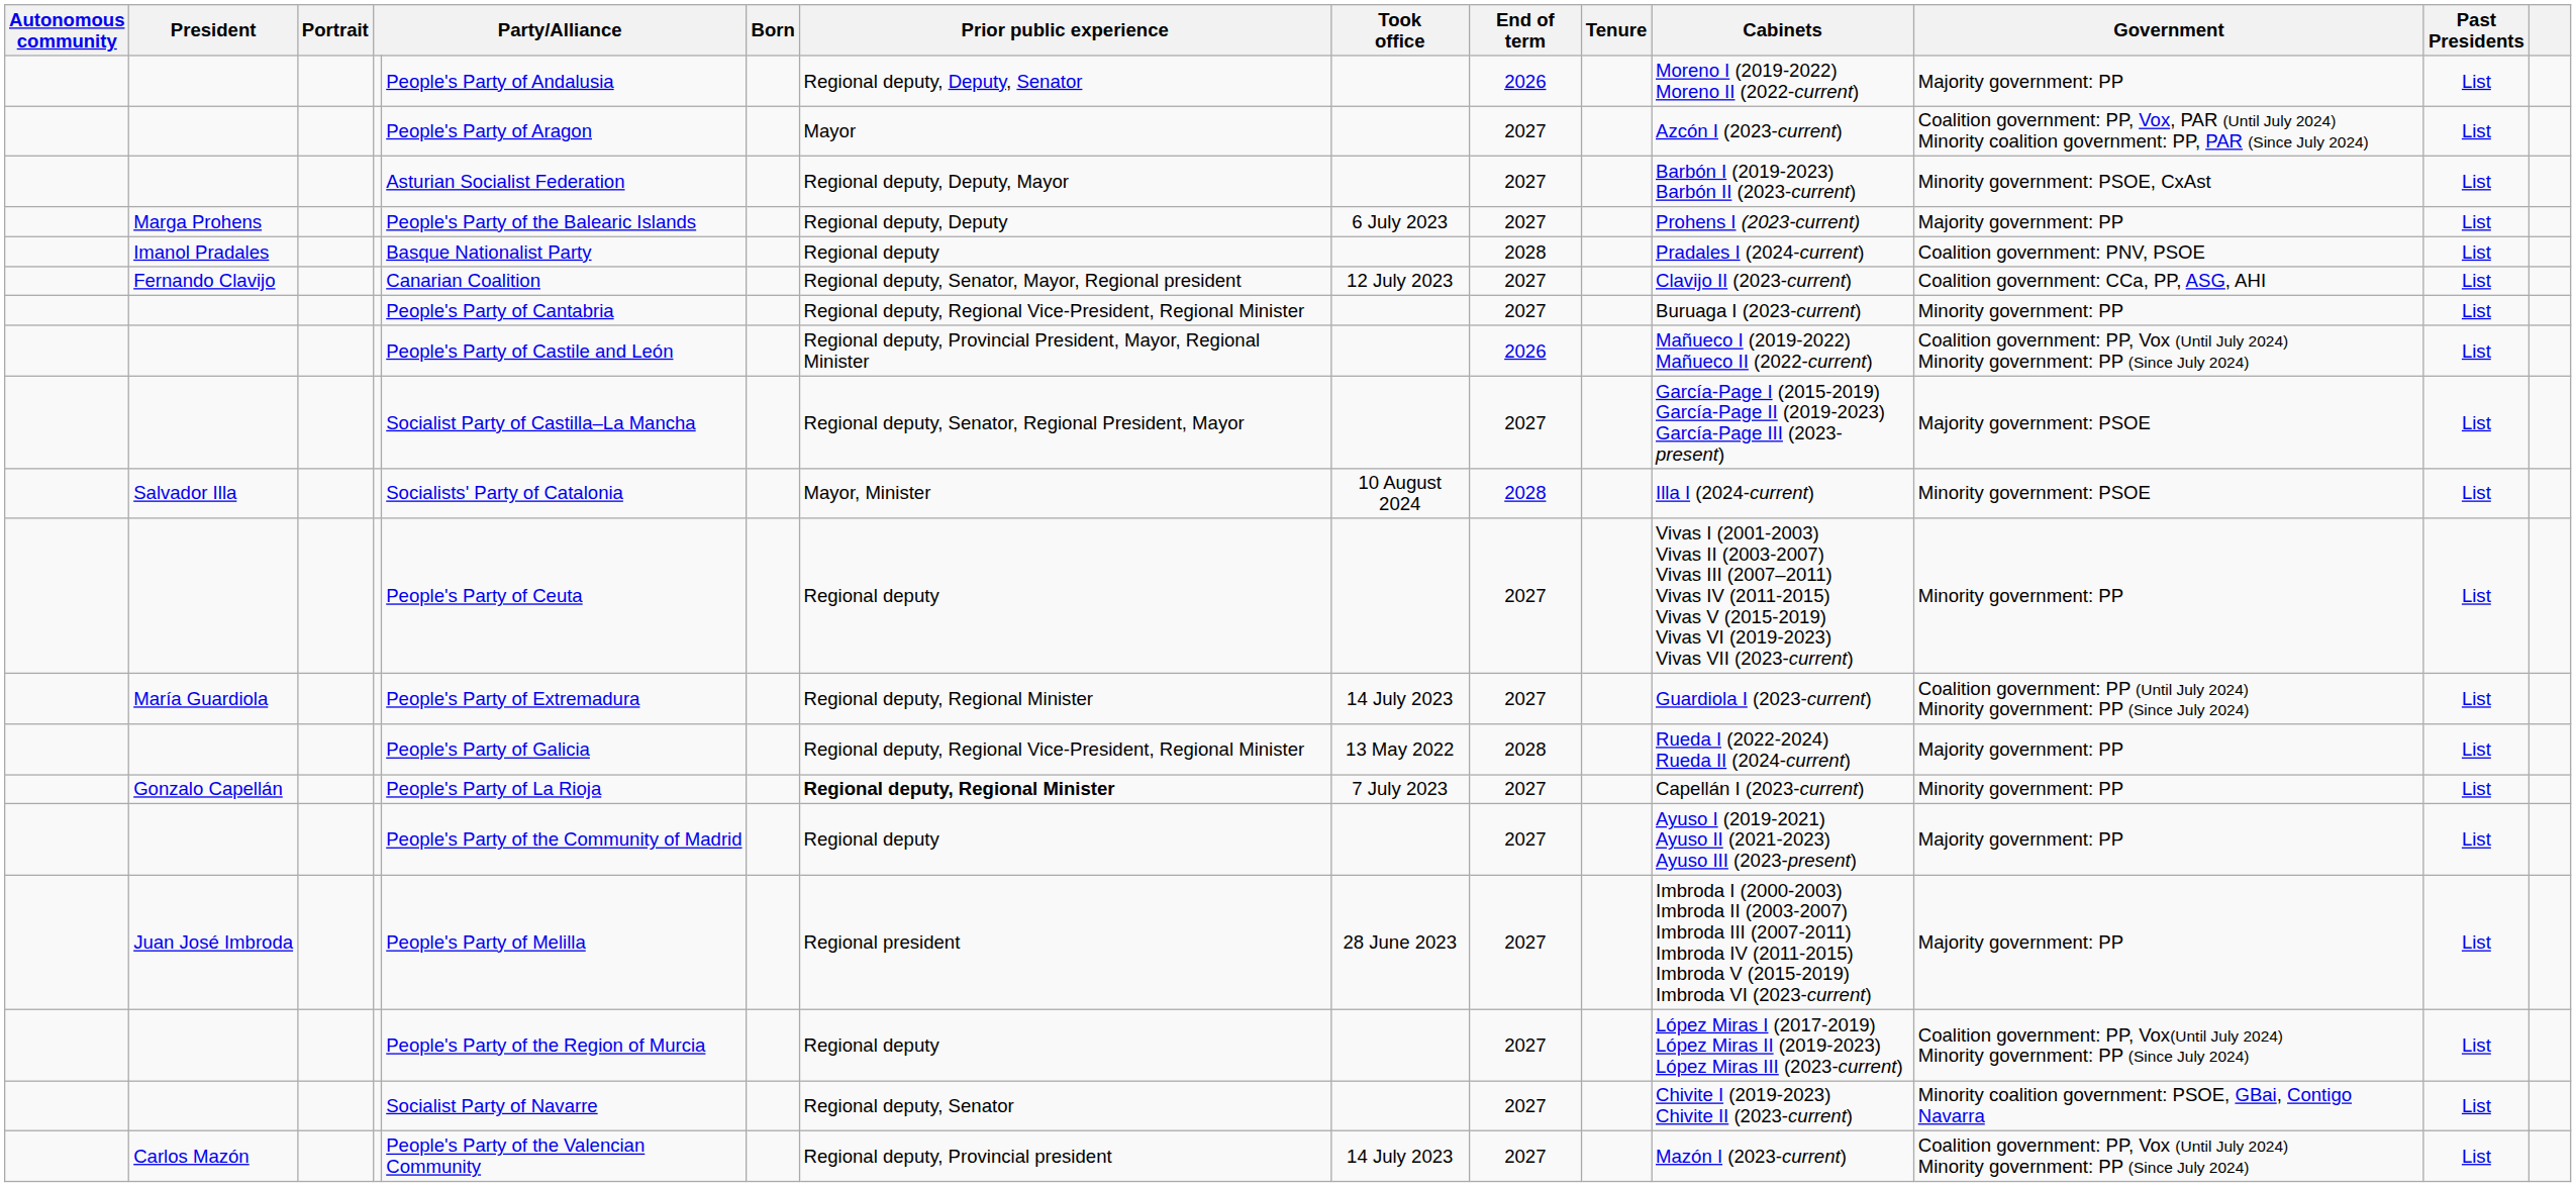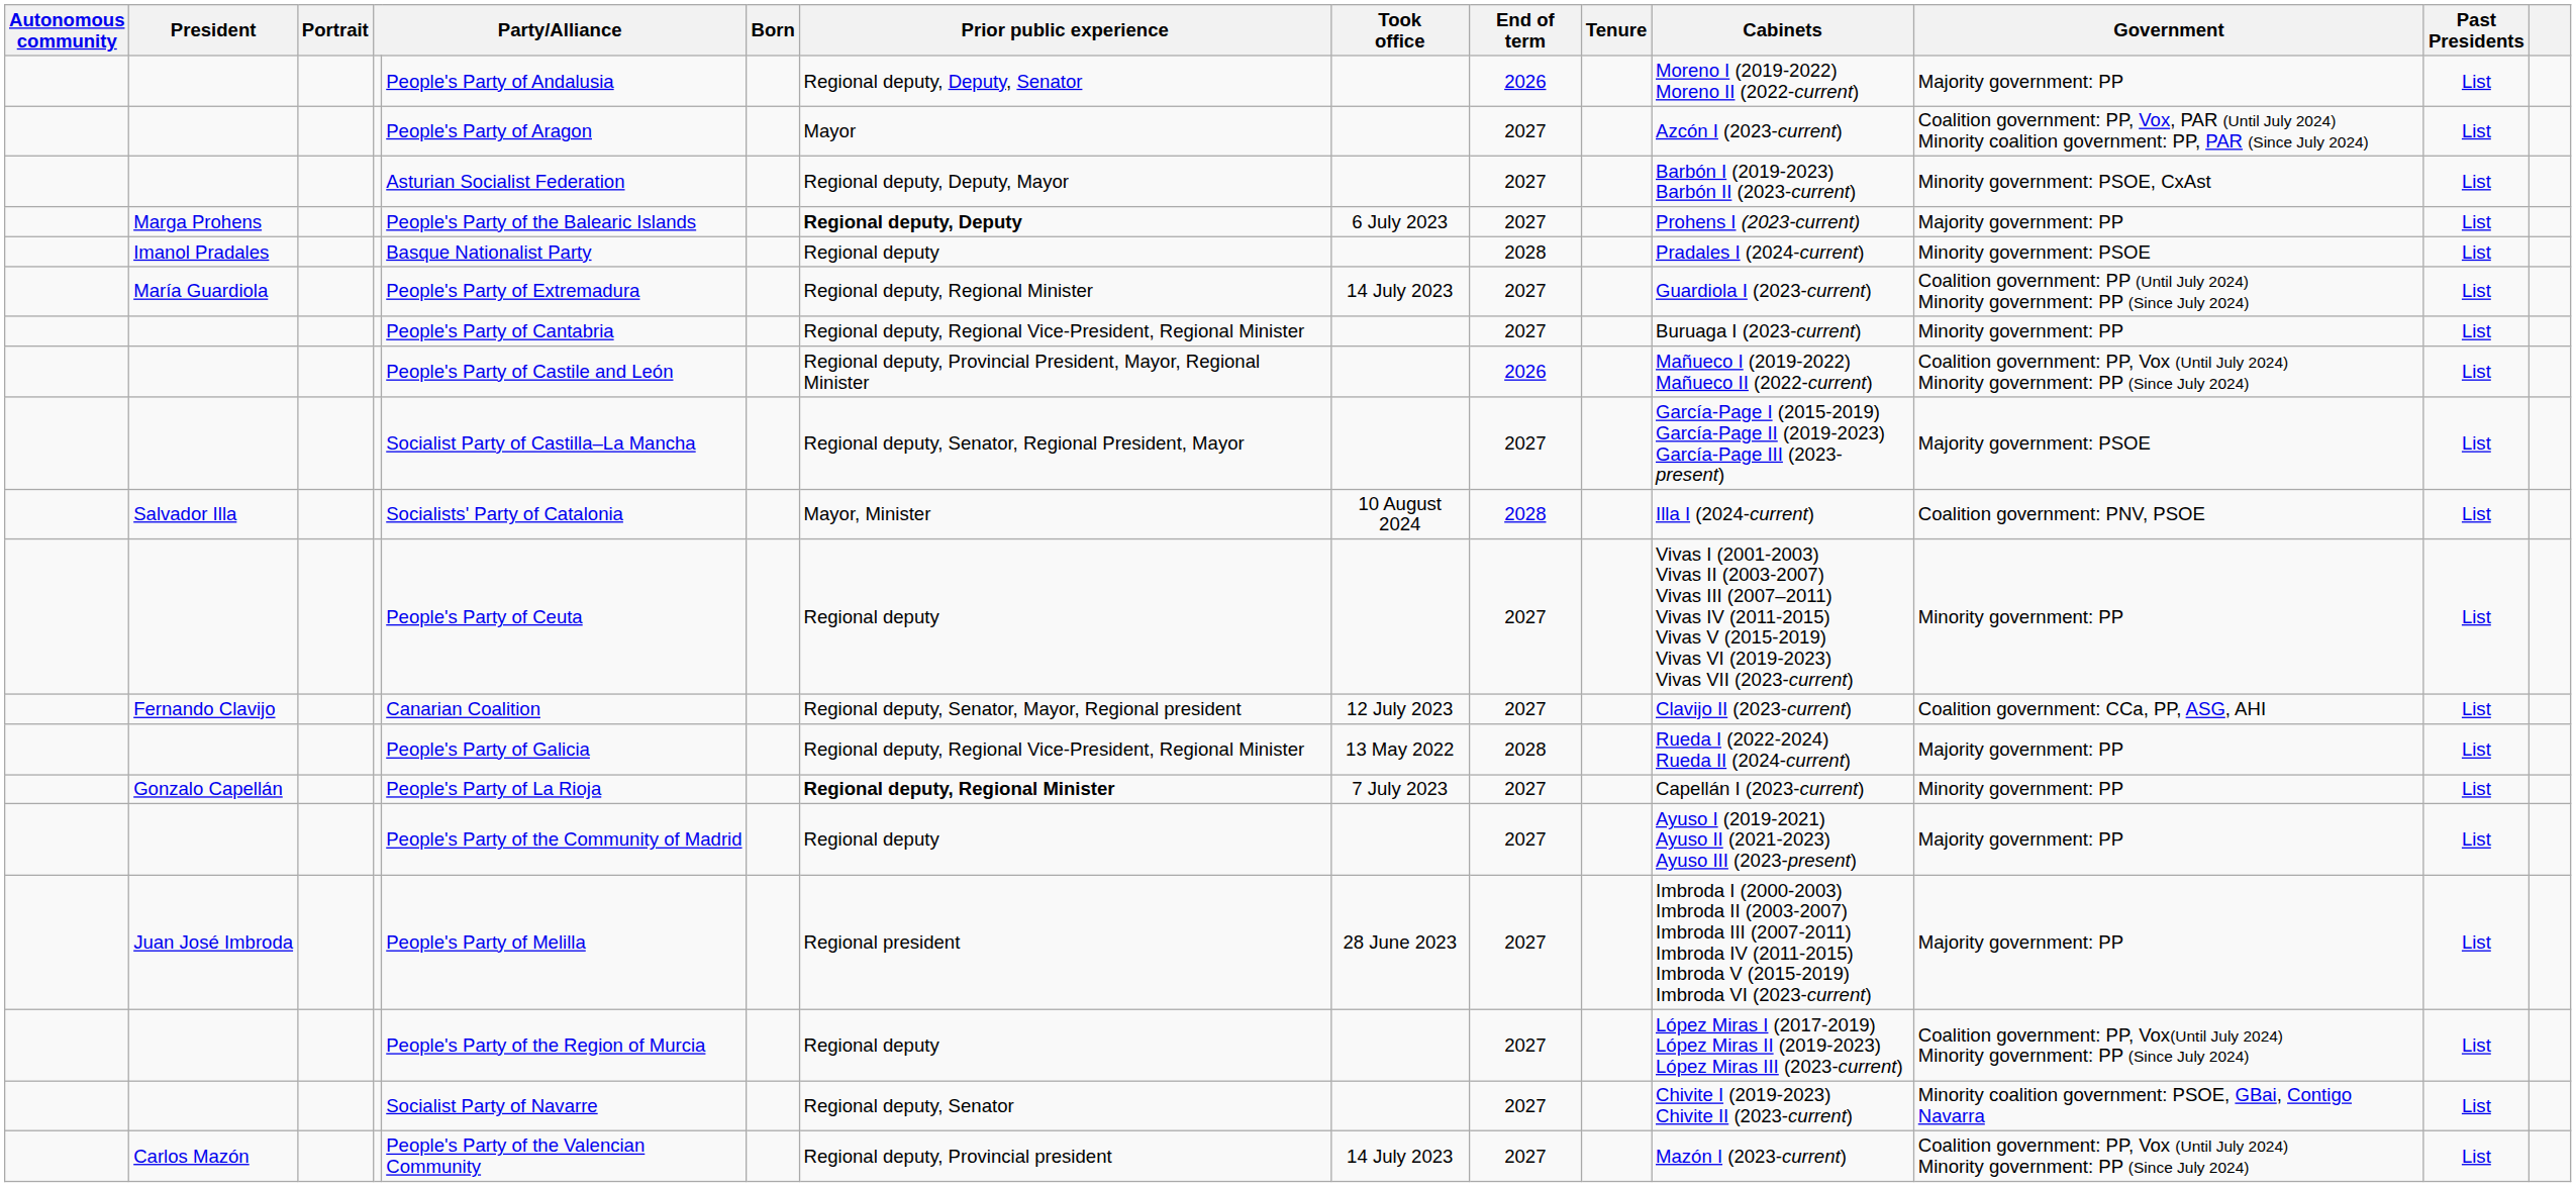 <table class="wikitable plainrowheaders sortable" style="font-size:90%; text-align:left;">
 <tr>
 <th scope="col"><a href='#'>Autonomous<br>community</a></th>
 <th scope="col">President</th>
 <th scope="col" class="unsortable">Portrait</th>
 <th colspan="2" scope="col">Party/Alliance</th>
 <th>Born</th>
 <th>Prior public experience</th>
 <th scope="col">Took<br>office</th>
 <th scope="col">End of term</th>
 <th>Tenure</th>
 <th>Cabinets</th>
 <th>Government</th>
 <th scope="col" class="unsortable">Past<br>Presidents</th>
 <th scope="col" width="25px" class="unsortable"></th>
 </tr>
 <tr>
 <td></td>
 <td style="white-space: nowrap;"></td>
 <td align="center"></td>
 <td style="background:"></td>
 <td><a href='#'>People's Party of Andalusia</a></td>
 <td></td>
 <td>Regional deputy, <a href='#'>Deputy</a>, <a href='#'>Senator</a></td>
 <td align="center"></td>
 <td align="center"><a href='#'>2026</a></td>
 <td></td>
 <td><a href='#'>Moreno I</a> (2019-2022)<br><a href='#'>Moreno II</a> (2022-<em>current</em>)</td>
 <td>Majority government: PP</td>
 <td align="center"><a href='#'>List</a></td>
 <td align="center"></td>
 </tr>
 <tr>
 <td></td>
 <td style="white-space: nowrap;"></td>
 <td align="center"></td>
 <td style="background:"></td>
 <td><a href='#'>People's Party of Aragon</a></td>
 <td></td>
 <td>Mayor</td>
 <td align="center"></td>
 <td align="center">2027</td>
 <td></td>
 <td><a href='#'>Azcón I</a> (2023-<em>current</em>)</td>
 <td>Coalition government: PP, <a href='#'>Vox</a>, PAR <small>(Until July 2024)</small><br>Minority coalition government: PP, <a href='#'>PAR</a> <small>(Since July 2024)</small></td>
 <td align="center"><a href='#'>List</a></td>
 <td align="center"></td>
 </tr>
 <tr>
 <td></td>
 <td style="white-space: nowrap;"></td>
 <td align="center"></td>
 <td style="background:"></td>
 <td><a href='#'>Asturian Socialist Federation</a></td>
 <td></td>
 <td>Regional deputy, Deputy, Mayor</td>
 <td align="center"></td>
 <td align="center">2027</td>
 <td></td>
 <td><a href='#'>Barbón I</a> (2019-2023)<br><a href='#'>Barbón II</a> (2023-<em>current</em>)</td>
 <td>Minority government: PSOE, CxAst</td>
 <td align="center"><a href='#'>List</a></td>
 <td align="center"></td>
 </tr>
 <tr>
 <td></td>
 <td style="white-space: nowrap;"><a href='#'>Marga Prohens</a></td>
 <td align="center"></td>
 <td style="background:"></td>
 <td><a href='#'>People's Party of the Balearic Islands</a></td>
 <td></td>
-<td>Regional deputy, Deputy</td>
+<td><strong>Regional deputy, Deputy</strong></td>
 <td align="center">6 July 2023</td>
 <td align="center">2027</td>
 <td></td>
 <td><a href='#'>Prohens I</a> <em>(2023-current)</em></td>
 <td>Majority government: PP</td>
 <td align="center"><a href='#'>List</a></td>
 <td align="center"></td>
 </tr>
 <tr>
 <td></td>
 <td style="white-space: nowrap;"><a href='#'>Imanol Pradales</a></td>
 <td align="center"></td>
 <td style="background:"></td>
 <td><a href='#'>Basque Nationalist Party</a></td>
 <td></td>
 <td>Regional deputy</td>
 <td align="center"></td>
 <td align="center">2028</td>
 <td></td>
 <td><a href='#'>Pradales I</a> (2024-<em>current</em>)</td>
-<td>Coalition government: PNV, PSOE</td>
+<td>Minority government: PSOE</td>
 <td align="center"><a href='#'>List</a></td>
 <td align="center"></td>
 </tr>
 <tr>
 <td></td>
-<td style="white-space: nowrap;"><a href='#'>Fernando Clavijo</a></td>
+<td style="white-space: nowrap;"><a href='#'>María Guardiola</a></td>
 <td align="center"></td>
 <td style="background:"></td>
-<td><a href='#'>Canarian Coalition</a></td>
+<td><a href='#'>People's Party of Extremadura</a></td>
 <td></td>
-<td>Regional deputy, Senator, Mayor, Regional president</td>
-<td align="center">12 July 2023</td>
+<td>Regional deputy, Regional Minister</td>
+<td align="center">14 July 2023</td>
 <td align="center">2027</td>
 <td></td>
-<td><a href='#'>Clavijo II</a> (2023-<em>current</em>)</td>
-<td>Coalition government: CCa, PP, <a href='#'>ASG</a>, AHI</td>
+<td><a href='#'>Guardiola I</a> (2023-<em>current</em>)</td>
+<td>Coalition government: PP <small>(Until July 2024)</small><br>Minority government: PP <small>(Since July 2024)</small></td>
 <td align="center"><a href='#'>List</a></td>
 <td align="center"></td>
 </tr>
 <tr>
 <td></td>
 <td style="white-space: nowrap;"></td>
 <td align="center"></td>
 <td style="background:"></td>
 <td><a href='#'>People's Party of Cantabria</a></td>
 <td></td>
 <td>Regional deputy, Regional Vice-President, Regional Minister</td>
 <td align="center"></td>
 <td align="center">2027</td>
 <td></td>
 <td>Buruaga I (2023-<em>current</em>)</td>
 <td>Minority government: PP</td>
 <td align="center"><a href='#'>List</a></td>
 <td align="center"></td>
 </tr>
 <tr>
 <td></td>
 <td style="white-space: nowrap;"></td>
 <td align="center"></td>
 <td style="background:"></td>
 <td><a href='#'>People's Party of Castile and León</a></td>
 <td></td>
 <td>Regional deputy, Provincial President, Mayor, Regional Minister</td>
 <td align="center"></td>
 <td align="center"><a href='#'>2026</a></td>
 <td></td>
 <td><a href='#'>Mañueco I</a> (2019-2022)<br><a href='#'>Mañueco II</a> (2022-<em>current</em>)</td>
 <td>Coalition government: PP, Vox <small>(Until July 2024)</small><br>Minority government: PP <small>(Since July 2024)</small></td>
 <td align="center"><a href='#'>List</a></td>
 <td align="center"></td>
 </tr>
 <tr>
 <td></td>
 <td style="white-space: nowrap;"></td>
 <td align="center"></td>
 <td style="background:"></td>
 <td><a href='#'>Socialist Party of Castilla–La Mancha</a></td>
 <td></td>
 <td>Regional deputy, Senator, Regional President, Mayor</td>
 <td align="center"></td>
 <td align="center">2027</td>
 <td></td>
 <td><a href='#'>García-Page I</a> (2015-2019)<br><a href='#'>García-Page II</a> (2019-2023)<br><a href='#'>García-Page III</a> (2023-<em>present</em>)</td>
 <td>Majority government: PSOE</td>
 <td align="center"><a href='#'>List</a></td>
 <td align="center"></td>
 </tr>
 <tr>
 <td></td>
 <td style="white-space: nowrap;"><a href='#'>Salvador Illa</a></td>
 <td align="center"></td>
 <td style="background:"></td>
 <td><a href='#'>Socialists' Party of Catalonia</a></td>
 <td></td>
 <td>Mayor, Minister</td>
 <td align="center">10 August 2024</td>
 <td align="center"><a href='#'>2028</a></td>
 <td></td>
 <td><a href='#'>Illa I</a> (2024-<em>current</em>)</td>
-<td>Minority government: PSOE</td>
+<td>Coalition government: PNV, PSOE</td>
 <td align="center"><a href='#'>List</a></td>
 <td align="center"></td>
 </tr>
 <tr>
 <td></td>
 <td style="white-space: nowrap;"></td>
 <td align="center"></td>
 <td style="background:"></td>
 <td><a href='#'>People's Party of Ceuta</a></td>
 <td></td>
 <td>Regional deputy</td>
 <td align="center"></td>
 <td align="center">2027</td>
 <td></td>
 <td>Vivas I (2001-2003)<br>Vivas II (2003-2007)<br>Vivas III (2007–2011)<br>Vivas IV (2011-2015)<br>Vivas V (2015-2019)<br>Vivas VI (2019-2023)<br>Vivas VII (2023-<em>current</em>)</td>
 <td>Minority government: PP</td>
 <td align="center"><a href='#'>List</a></td>
 <td align="center"></td>
 </tr>
 <tr>
 <td></td>
-<td style="white-space: nowrap;"><a href='#'>María Guardiola</a></td>
+<td style="white-space: nowrap;"><a href='#'>Fernando Clavijo</a></td>
 <td align="center"></td>
 <td style="background:"></td>
-<td><a href='#'>People's Party of Extremadura</a></td>
+<td><a href='#'>Canarian Coalition</a></td>
 <td></td>
-<td>Regional deputy, Regional Minister</td>
-<td align="center">14 July 2023</td>
+<td>Regional deputy, Senator, Mayor, Regional president</td>
+<td align="center">12 July 2023</td>
 <td align="center">2027</td>
 <td></td>
-<td><a href='#'>Guardiola I</a> (2023-<em>current</em>)</td>
-<td>Coalition government: PP <small>(Until July 2024)</small><br>Minority government: PP <small>(Since July 2024)</small></td>
+<td><a href='#'>Clavijo II</a> (2023-<em>current</em>)</td>
+<td>Coalition government: CCa, PP, <a href='#'>ASG</a>, AHI</td>
 <td align="center"><a href='#'>List</a></td>
 <td align="center"></td>
 </tr>
 <tr>
 <td></td>
 <td style="white-space: nowrap;"></td>
 <td align="center"></td>
 <td style="background:"></td>
 <td><a href='#'>People's Party of Galicia</a></td>
 <td></td>
 <td>Regional deputy, Regional Vice-President, Regional Minister</td>
 <td align="center">13 May 2022</td>
 <td align="center">2028</td>
 <td></td>
 <td><a href='#'>Rueda I</a> (2022-2024)<br><a href='#'>Rueda II</a> (2024-<em>current</em>)</td>
 <td>Majority government: PP</td>
 <td align="center"><a href='#'>List</a></td>
 <td align="center"></td>
 </tr>
 <tr>
 <td></td>
 <td style="white-space: nowrap;"><a href='#'>Gonzalo Capellán</a></td>
 <td align="center"></td>
 <td style="background:"></td>
 <td><a href='#'>People's Party of La Rioja</a></td>
 <td></td>
 <td><strong>Regional deputy, Regional Minister</strong></td>
 <td align="center">7 July 2023</td>
 <td align="center">2027</td>
 <td></td>
 <td>Capellán I (2023-<em>current</em>)</td>
 <td>Minority government: PP</td>
 <td align="center"><a href='#'>List</a></td>
 <td align="center"></td>
 </tr>
 <tr>
 <td></td>
 <td style="white-space: nowrap;"></td>
 <td align="center"></td>
 <td style="background:"></td>
 <td><a href='#'>People's Party of the Community of Madrid</a></td>
 <td></td>
 <td>Regional deputy</td>
 <td align="center"></td>
 <td align="center">2027</td>
 <td></td>
 <td><a href='#'>Ayuso I</a> (2019-2021)<br><a href='#'>Ayuso II</a> (2021-2023)<br><a href='#'>Ayuso III</a> (2023-<em>present</em>)</td>
 <td>Majority government: PP</td>
 <td align="center"><a href='#'>List</a></td>
 <td align="center"></td>
 </tr>
 <tr>
 <td></td>
 <td style="white-space: nowrap;"><a href='#'>Juan José Imbroda</a></td>
 <td></td>
 <td style="background:"></td>
 <td><a href='#'>People's Party of Melilla</a></td>
 <td></td>
 <td>Regional president</td>
 <td align="center">28 June 2023</td>
 <td align="center">2027</td>
 <td></td>
 <td>Imbroda I (2000-2003)<br>Imbroda II (2003-2007)<br>Imbroda III (2007-2011)<br>Imbroda IV (2011-2015)<br>Imbroda V (2015-2019)<br>Imbroda VI (2023-<em>current</em>)</td>
 <td>Majority government: PP</td>
 <td align="center"><a href='#'>List</a></td>
 <td align="center"></td>
 </tr>
 <tr>
 <td></td>
 <td style="white-space: nowrap;"></td>
 <td align="center"></td>
 <td style="background:"></td>
 <td><a href='#'>People's Party of the Region of Murcia</a></td>
 <td></td>
 <td>Regional deputy</td>
 <td align="center"></td>
 <td align="center">2027</td>
 <td></td>
 <td><a href='#'>López Miras I</a> (2017-2019)<br><a href='#'>López Miras II</a> (2019-2023)<br><a href='#'>López Miras III</a> (2023-<em>current</em>)</td>
 <td>Coalition government: PP, Vox<small>(Until July 2024)</small><br> Minority government: PP <small>(Since July 2024)</small></td>
 <td align="center"><a href='#'>List</a></td>
 <td align="center"></td>
 </tr>
 <tr>
 <td></td>
 <td style="white-space: nowrap;"></td>
 <td align="center"></td>
 <td style="background:"></td>
 <td><a href='#'>Socialist Party of Navarre</a></td>
 <td></td>
 <td>Regional deputy, Senator</td>
 <td align="center"></td>
 <td align="center">2027</td>
 <td></td>
 <td><a href='#'>Chivite I</a> (2019-2023)<br><a href='#'>Chivite II</a> (2023-<em>current</em>)</td>
 <td>Minority coalition government: PSOE, <a href='#'>GBai</a>, <a href='#'>Contigo Navarra</a></td>
 <td align="center"><a href='#'>List</a></td>
 <td align="center"></td>
 </tr>
 <tr>
 <td></td>
 <td style="white-space: nowrap;"><a href='#'>Carlos Mazón</a></td>
 <td align="center"></td>
 <td style="background:"></td>
 <td><a href='#'>People's Party of the Valencian Community</a></td>
 <td></td>
 <td>Regional deputy, Provincial president</td>
 <td align="center">14 July 2023</td>
 <td align="center">2027</td>
 <td></td>
 <td><a href='#'>Mazón I</a> (2023-<em>current</em>)</td>
 <td>Coalition government: PP, Vox <small>(Until July 2024)</small><br>Minority government: PP <small>(Since July 2024)</small></td>
 <td align="center"><a href='#'>List</a></td>
 <td align="center"></td>
 </tr>
 </table>
